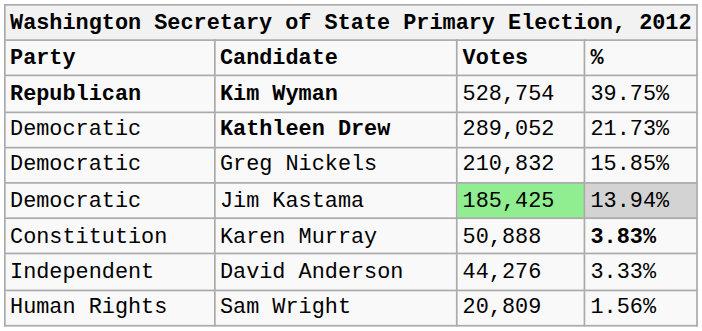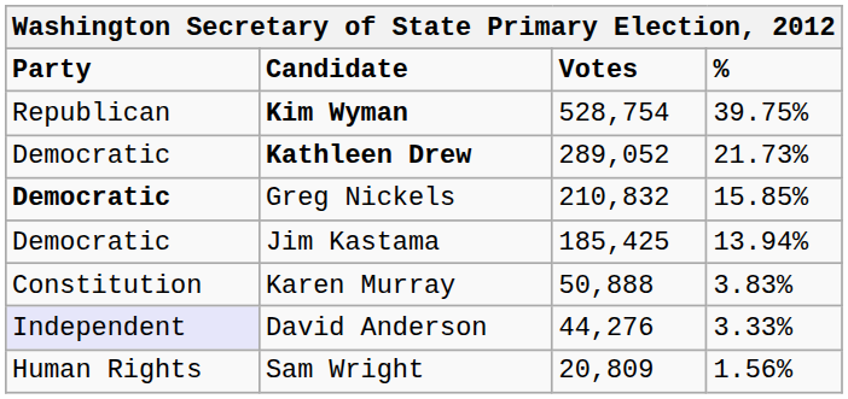 <table class="wikitable">
 <tr>
 <th colspan="4">Washington Secretary of State Primary Election, 2012</th>
 </tr>
 <tr>
 <td><strong>Party</strong></td>
 <td><strong>Candidate</strong></td>
 <td><strong>Votes</strong></td>
 <td><strong>%</strong></td>
 </tr>
 <tr>
-<td><strong>Republican</strong></td>
+<td>Republican</td>
 <td><strong>Kim Wyman</strong></td>
 <td>528,754</td>
 <td>39.75%</td>
 </tr>
 <tr>
 <td>Democratic</td>
 <td><strong>Kathleen Drew</strong></td>
 <td>289,052</td>
 <td>21.73%</td>
 </tr>
 <tr>
-<td>Democratic</td>
+<td><strong>Democratic</strong></td>
 <td>Greg Nickels</td>
 <td>210,832</td>
 <td>15.85%</td>
 </tr>
 <tr>
 <td>Democratic</td>
 <td>Jim Kastama</td>
-<td style="background: lightgreen;">185,425</td>
-<td style="background: lightgrey;">13.94%</td>
+<td>185,425</td>
+<td>13.94%</td>
 </tr>
 <tr>
 <td>Constitution</td>
 <td>Karen Murray</td>
 <td>50,888</td>
-<td><strong>3.83%</strong></td>
+<td>3.83%</td>
 </tr>
 <tr>
-<td>Independent</td>
+<td style="background: lavender;">Independent</td>
 <td>David Anderson</td>
 <td>44,276</td>
 <td>3.33%</td>
 </tr>
 <tr>
 <td>Human Rights</td>
 <td>Sam Wright</td>
 <td>20,809</td>
 <td>1.56%</td>
 </tr>
 </table>
